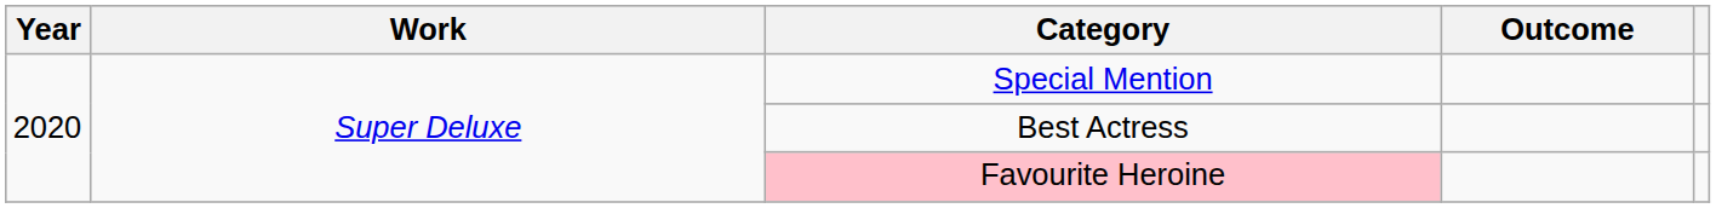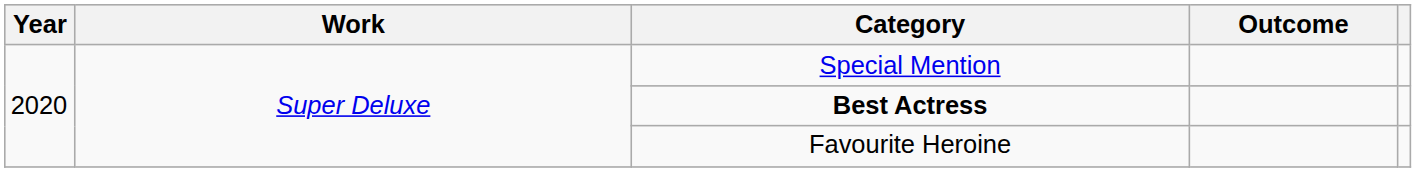 <table class="wikitable" style="width:70%;">
 <tr>
 <th width=5%>Year</th>
 <th style="width:40%;">Work</th>
 <th style="width:40%;">Category</th>
 <th style="width:15%;">Outcome</th>
 <th scope="col" style="width:5%;"></th>
 </tr>
 <tr>
 <td rowspan="3" style="text-align:left;">2020</td>
 <td rowspan="3" style="text-align:center;"><em><a href='#'>Super Deluxe</a></em></td>
 <td style="text-align:center;"><a href='#'>Special Mention</a></td>
 <td></td>
 <td style="text-align:center;"></td>
 </tr>
 <tr>
-<td style="text-align:center;">Best Actress</td>
+<td style="text-align:center;"><strong>Best Actress</strong></td>
 <td></td>
 <td></td>
 </tr>
 <tr>
-<td style="background: pink; text-align:center;">Favourite Heroine</td>
+<td style="text-align:center;">Favourite Heroine</td>
 <td></td>
 <td></td>
 </tr>
 </table>
